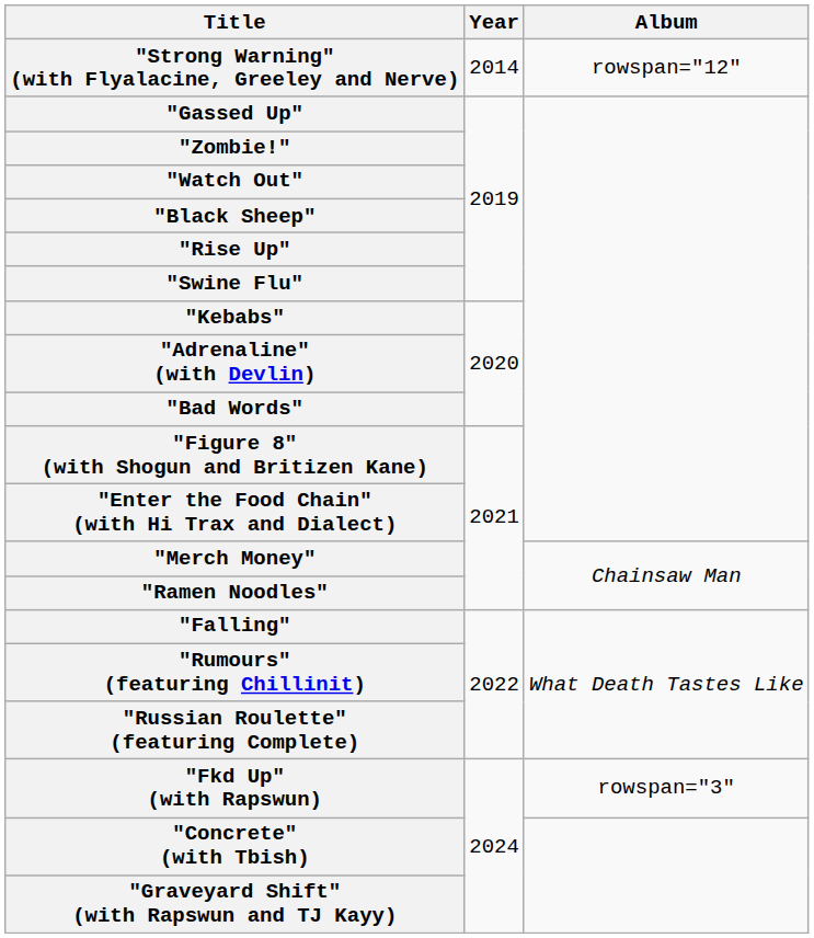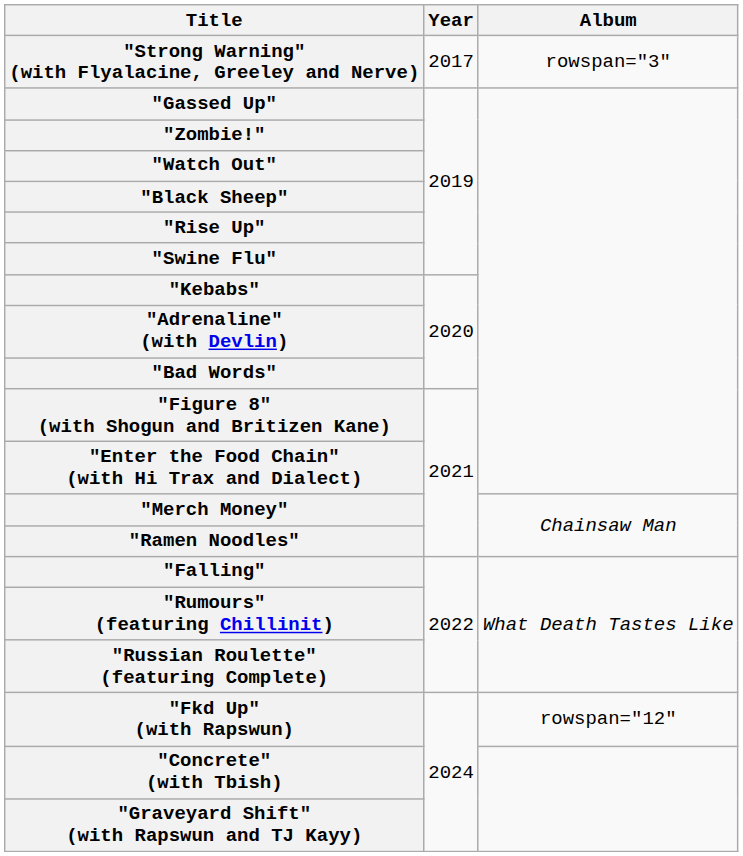 <table class="wikitable plainrowheaders" style="text-align:center">
 <tr>
 <th scope="col">Title</th>
 <th scope="col">Year</th>
 <th scope="col">Album</th>
 </tr>
 <tr>
 <th scope="row">"Strong Warning"<br><span>(with Flyalacine, Greeley and Nerve)</span></th>
-<td>2014</td>
-<td>rowspan="12" </td>
+<td>2017</td>
+<td>rowspan="3" </td>
 </tr>
 <tr>
 <th scope="row">"Gassed Up"</th>
 <td rowspan="6">2019</td>
 </tr>
 <tr>
 <th scope="row">"Zombie!"</th>
 </tr>
 <tr>
 <th scope="row">"Watch Out"</th>
 </tr>
 <tr>
 <th scope="row">"Black Sheep"</th>
 </tr>
 <tr>
 <th scope="row">"Rise Up"</th>
 </tr>
 <tr>
 <th scope="row">"Swine Flu"</th>
 </tr>
 <tr>
 <th scope="row">"Kebabs"</th>
 <td rowspan="3">2020</td>
 </tr>
 <tr>
 <th scope="row">"Adrenaline"<br><span>(with <a href='#'>Devlin</a>)</span></th>
 </tr>
 <tr>
 <th scope="row">"Bad Words"</th>
 </tr>
 <tr>
 <th scope="row">"Figure 8"<br><span>(with Shogun and Britizen Kane)</span></th>
 <td rowspan="4">2021</td>
 </tr>
 <tr>
 <th scope="row">"Enter the Food Chain"<br><span>(with Hi Trax and Dialect)</span></th>
 </tr>
 <tr>
 <th scope="row">"Merch Money"</th>
 <td rowspan="2"><em>Chainsaw Man</em></td>
 </tr>
 <tr>
 <th scope="row">"Ramen Noodles"</th>
 </tr>
 <tr>
 <th scope="row">"Falling"</th>
 <td rowspan="3">2022</td>
 <td rowspan="3"><em>What Death Tastes Like</em></td>
 </tr>
 <tr>
 <th scope="row">"Rumours"<br><span>(featuring <a href='#'>Chillinit</a>)</span></th>
 </tr>
 <tr>
 <th scope="row">"Russian Roulette"<br><span>(featuring Complete)</span></th>
 </tr>
 <tr>
 <th scope="row">"Fkd Up"<br><span>(with Rapswun)</span></th>
 <td rowspan="3">2024</td>
-<td>rowspan="3" </td>
+<td>rowspan="12" </td>
 </tr>
 <tr>
 <th scope="row">"Concrete"<br><span>(with Tbish)</span></th>
 </tr>
 <tr>
 <th scope="row">"Graveyard Shift"<br><span>(with Rapswun and TJ Kayy)</span></th>
 </tr>
 </table>
